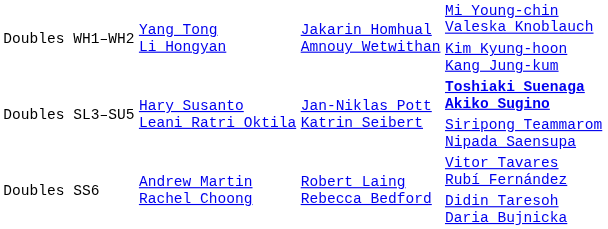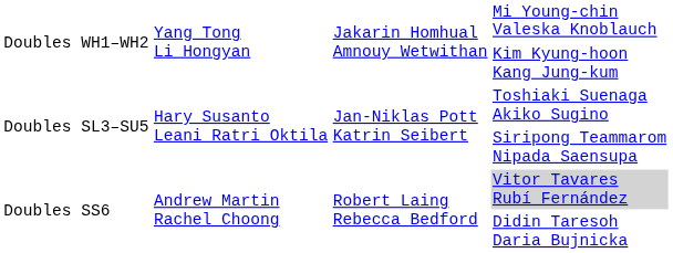 <table>
 <tr>
 <td rowspan="2">Doubles WH1–WH2<br></td>
 <td rowspan="2"><a href='#'>Yang Tong</a><br> <a href='#'>Li Hongyan</a></td>
 <td rowspan="2"> <a href='#'>Jakarin Homhual</a><br> <a href='#'>Amnouy Wetwithan</a></td>
 <td> <a href='#'>Mi Young-chin</a><br> <a href='#'>Valeska Knoblauch</a></td>
 </tr>
 <tr>
 <td> <a href='#'>Kim Kyung-hoon</a><br> <a href='#'>Kang Jung-kum</a></td>
 </tr>
 <tr>
 <td rowspan="2">Doubles SL3–SU5<br></td>
 <td rowspan="2"> <a href='#'>Hary Susanto</a><br> <a href='#'>Leani Ratri Oktila</a></td>
 <td rowspan="2"> <a href='#'>Jan-Niklas Pott</a><br> <a href='#'>Katrin Seibert</a></td>
-<td><strong> <a href='#'>Toshiaki Suenaga</a><br> <a href='#'>Akiko Sugino</a></strong></td>
+<td> <a href='#'>Toshiaki Suenaga</a><br> <a href='#'>Akiko Sugino</a></td>
 </tr>
 <tr>
 <td> <a href='#'>Siripong Teammarom</a><br> <a href='#'>Nipada Saensupa</a></td>
 </tr>
 <tr>
 <td rowspan="2">Doubles SS6<br></td>
 <td rowspan="2"> <a href='#'>Andrew Martin</a><br> <a href='#'>Rachel Choong</a></td>
 <td rowspan="2"> <a href='#'>Robert Laing</a><br> <a href='#'>Rebecca Bedford</a></td>
-<td> <a href='#'>Vitor Tavares</a><br> <a href='#'>Rubí Fernández</a></td>
+<td style="background: lightgrey;"> <a href='#'>Vitor Tavares</a><br> <a href='#'>Rubí Fernández</a></td>
 </tr>
 <tr>
 <td> <a href='#'>Didin Taresoh</a><br> <a href='#'>Daria Bujnicka</a></td>
 </tr>
 </table>
